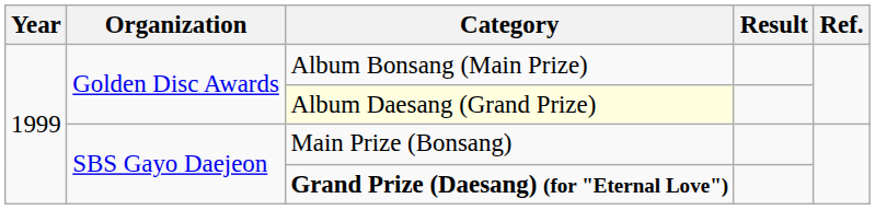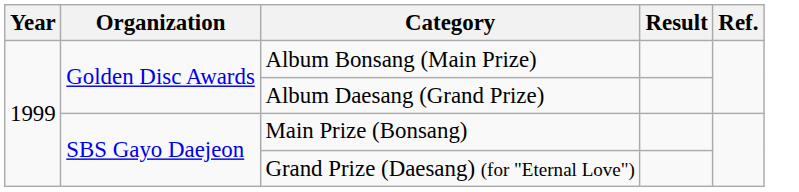 <table class="wikitable plainrowheaders">
 <tr>
 <th>Year</th>
 <th>Organization</th>
 <th>Category</th>
 <th>Result</th>
 <th>Ref.</th>
 </tr>
 <tr>
 <td scope="row" rowspan="4">1999</td>
 <td rowspan="2"><a href='#'>Golden Disc Awards</a></td>
 <td>Album Bonsang (Main Prize)</td>
 <td></td>
 <td rowspan="2" style="text-align:center"></td>
 </tr>
 <tr>
-<td style="background: lightyellow;">Album Daesang (Grand Prize)</td>
+<td>Album Daesang (Grand Prize)</td>
 <td></td>
 </tr>
 <tr>
 <td rowspan="2"><a href='#'>SBS Gayo Daejeon</a></td>
 <td>Main Prize (Bonsang)</td>
 <td></td>
 <td rowspan="2" style="text-align:center"></td>
 </tr>
 <tr>
-<td><strong>Grand Prize (Daesang) <small>(for "Eternal Love")</small></strong></td>
+<td>Grand Prize (Daesang) <small>(for "Eternal Love")</small></td>
 <td></td>
 </tr>
 </table>
